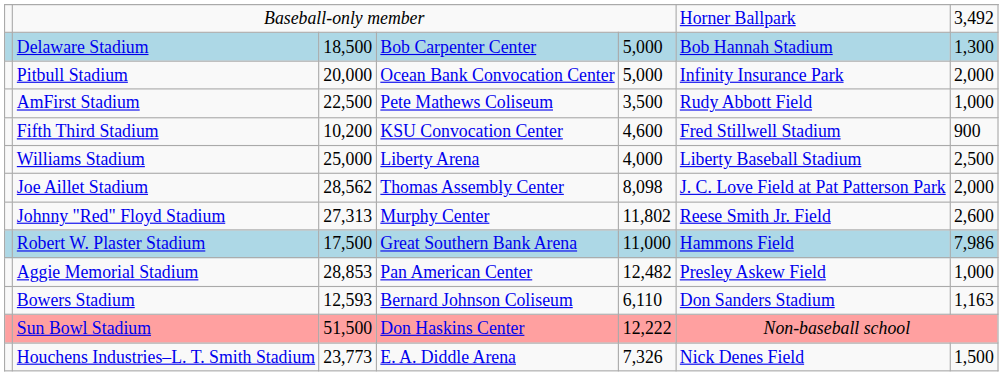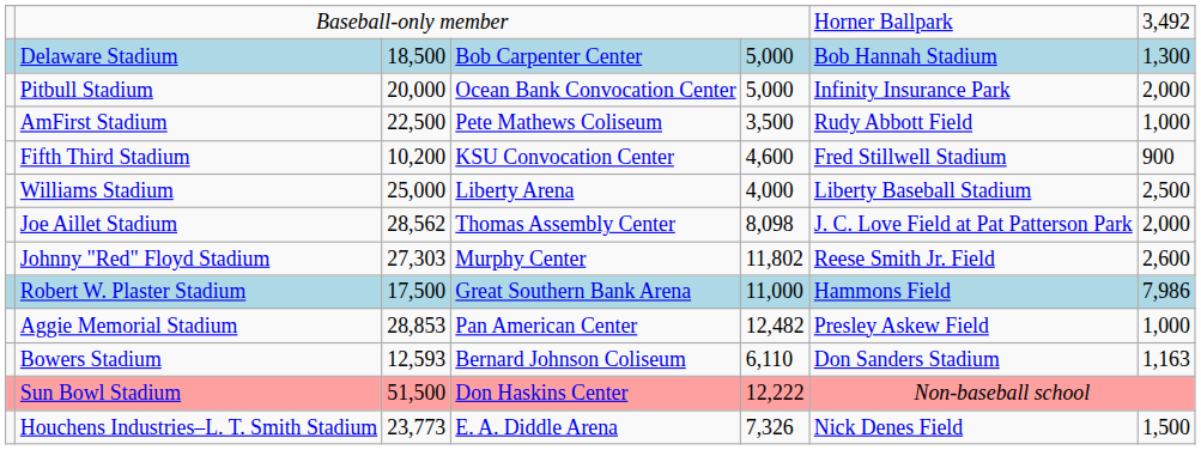 <table class="wikitable sortable">
 <tr>
 </tr>
 <tr>
 <td><a href='#'></a></td>
 <td colspan=4 align=center><em>Baseball-only member</em></td>
 <td><a href='#'>Horner Ballpark</a></td>
 <td>3,492</td>
 </tr>
 <tr bgcolor=lightblue>
 <td style=><a href='#'></a></td>
 <td><a href='#'>Delaware Stadium</a></td>
 <td>18,500</td>
 <td><a href='#'>Bob Carpenter Center</a></td>
 <td>5,000</td>
 <td><a href='#'>Bob Hannah Stadium</a></td>
 <td>1,300</td>
 </tr>
 <tr>
 <td><a href='#'></a></td>
 <td><a href='#'>Pitbull Stadium</a></td>
 <td>20,000</td>
 <td><a href='#'>Ocean Bank Convocation Center</a></td>
 <td>5,000</td>
 <td><a href='#'>Infinity Insurance Park</a></td>
 <td>2,000</td>
 </tr>
 <tr>
 <td><a href='#'></a></td>
 <td><a href='#'>AmFirst Stadium</a></td>
 <td>22,500</td>
 <td><a href='#'>Pete Mathews Coliseum</a></td>
 <td>3,500</td>
 <td><a href='#'>Rudy Abbott Field</a></td>
 <td>1,000</td>
 </tr>
 <tr>
 <td><a href='#'></a></td>
 <td><a href='#'>Fifth Third Stadium</a></td>
 <td>10,200</td>
 <td><a href='#'>KSU Convocation Center</a></td>
 <td>4,600</td>
 <td><a href='#'>Fred Stillwell Stadium</a></td>
 <td>900</td>
 </tr>
 <tr>
 <td><a href='#'></a></td>
 <td><a href='#'>Williams Stadium</a></td>
 <td>25,000</td>
 <td><a href='#'>Liberty Arena</a></td>
 <td>4,000</td>
 <td><a href='#'>Liberty Baseball Stadium</a></td>
 <td>2,500</td>
 </tr>
 <tr>
 <td><a href='#'></a></td>
 <td><a href='#'>Joe Aillet Stadium</a></td>
 <td>28,562</td>
 <td><a href='#'>Thomas Assembly Center</a></td>
 <td>8,098</td>
 <td><a href='#'>J. C. Love Field at Pat Patterson Park</a></td>
 <td>2,000</td>
 </tr>
 <tr>
 <td><a href='#'></a></td>
 <td><a href='#'>Johnny "Red" Floyd Stadium</a></td>
-<td>27,313</td>
+<td>27,303</td>
 <td><a href='#'>Murphy Center</a></td>
 <td>11,802</td>
 <td><a href='#'>Reese Smith Jr. Field</a></td>
 <td>2,600</td>
 </tr>
 <tr bgcolor=lightblue>
 <td><a href='#'></a></td>
 <td><a href='#'>Robert W. Plaster Stadium</a></td>
 <td>17,500</td>
 <td><a href='#'>Great Southern Bank Arena</a></td>
 <td>11,000</td>
 <td><a href='#'>Hammons Field</a></td>
 <td>7,986</td>
 </tr>
 <tr>
 <td><a href='#'></a></td>
 <td><a href='#'>Aggie Memorial Stadium</a></td>
 <td>28,853</td>
 <td><a href='#'>Pan American Center</a></td>
 <td>12,482</td>
 <td><a href='#'>Presley Askew Field</a></td>
 <td>1,000</td>
 </tr>
 <tr>
 <td><a href='#'></a></td>
 <td><a href='#'>Bowers Stadium</a></td>
 <td>12,593</td>
 <td><a href='#'>Bernard Johnson Coliseum</a></td>
 <td>6,110</td>
 <td><a href='#'>Don Sanders Stadium</a></td>
 <td>1,163</td>
 </tr>
 <tr bgcolor=#ffa0a0>
 <td><a href='#'></a></td>
 <td><a href='#'>Sun Bowl Stadium</a></td>
 <td>51,500</td>
 <td><a href='#'>Don Haskins Center</a></td>
 <td>12,222</td>
 <td colspan=2 align=center><em>Non-baseball school</em></td>
 </tr>
 <tr>
 <td><a href='#'></a></td>
 <td><a href='#'>Houchens Industries–L. T. Smith Stadium</a></td>
 <td>23,773</td>
 <td><a href='#'>E. A. Diddle Arena</a></td>
 <td>7,326</td>
 <td><a href='#'>Nick Denes Field</a></td>
 <td>1,500</td>
 </tr>
 </table>
